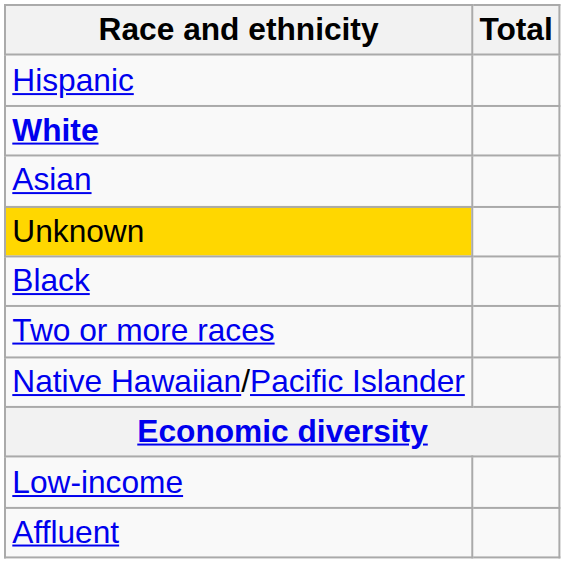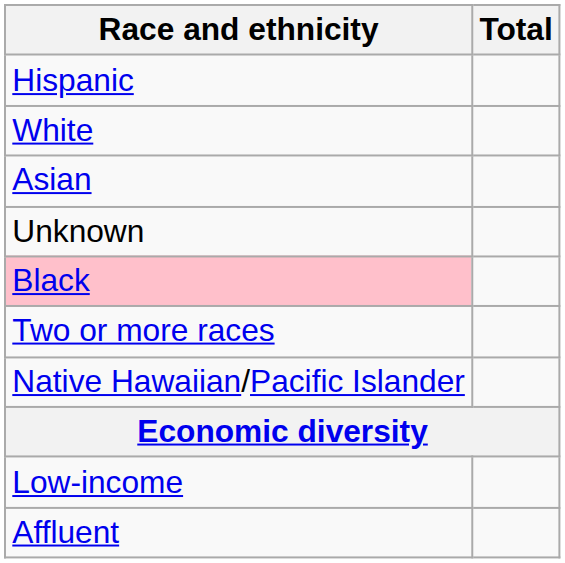 <table class="wikitable floatright sortable collapsible"; text-align:right; font-size:80%;">
 <tr>
 <th>Race and ethnicity</th>
 <th colspan="2" data-sort-type=number>Total</th>
 </tr>
 <tr>
 <td><a href='#'>Hispanic</a></td>
 <td align=right></td>
 </tr>
 <tr>
-<td><strong><a href='#'>White</a></strong></td>
+<td><a href='#'>White</a></td>
 <td align=right></td>
 </tr>
 <tr>
 <td><a href='#'>Asian</a></td>
 <td align=right></td>
 </tr>
 <tr>
-<td style="background: gold;">Unknown</td>
+<td>Unknown</td>
 <td align=right></td>
 </tr>
 <tr>
-<td><a href='#'>Black</a></td>
+<td style="background: pink;"><a href='#'>Black</a></td>
 <td align=right></td>
 </tr>
 <tr>
 <td><a href='#'>Two or more races</a></td>
 <td align=right></td>
 </tr>
 <tr>
 <td><a href='#'>Native Hawaiian</a>/<a href='#'>Pacific Islander</a></td>
 <td align=right></td>
 </tr>
 <tr>
 <th colspan="4" data-sort-type=number><a href='#'>Economic diversity</a></th>
 </tr>
 <tr>
 <td><a href='#'>Low-income</a></td>
 <td align=right></td>
 </tr>
 <tr>
 <td><a href='#'>Affluent</a></td>
 <td align=right></td>
 </tr>
 </table>
